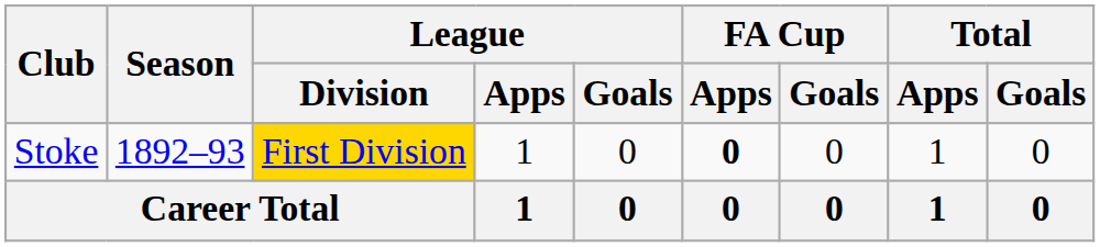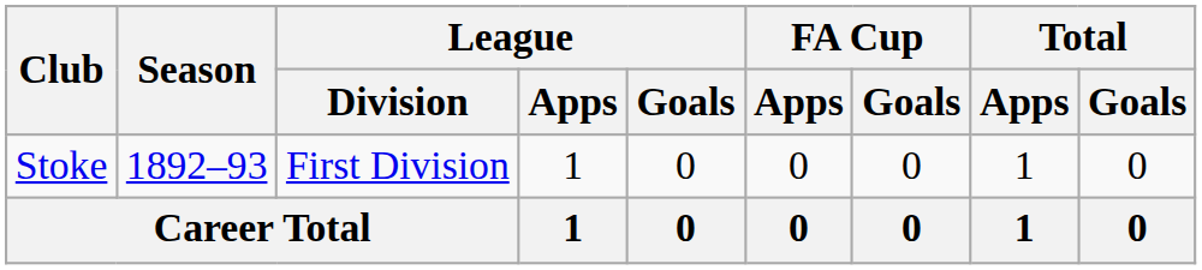 <table class="wikitable" style="text-align: center;">
 <tr>
 <th rowspan="2">Club</th>
 <th rowspan="2">Season</th>
 <th colspan="3">League</th>
 <th colspan="2">FA Cup</th>
 <th colspan="2">Total</th>
 </tr>
 <tr>
 <th>Division</th>
 <th>Apps</th>
 <th>Goals</th>
 <th>Apps</th>
 <th>Goals</th>
 <th>Apps</th>
 <th>Goals</th>
 </tr>
 <tr>
 <td><a href='#'>Stoke</a></td>
 <td><a href='#'>1892–93</a></td>
-<td style="background: gold;"><a href='#'>First Division</a></td>
+<td><a href='#'>First Division</a></td>
 <td>1</td>
 <td>0</td>
-<td><strong>0</strong></td>
+<td>0</td>
 <td>0</td>
 <td>1</td>
 <td>0</td>
 </tr>
 <tr>
 <th colspan="3">Career Total</th>
 <th>1</th>
 <th>0</th>
 <th>0</th>
 <th>0</th>
 <th>1</th>
 <th>0</th>
 </tr>
 </table>
